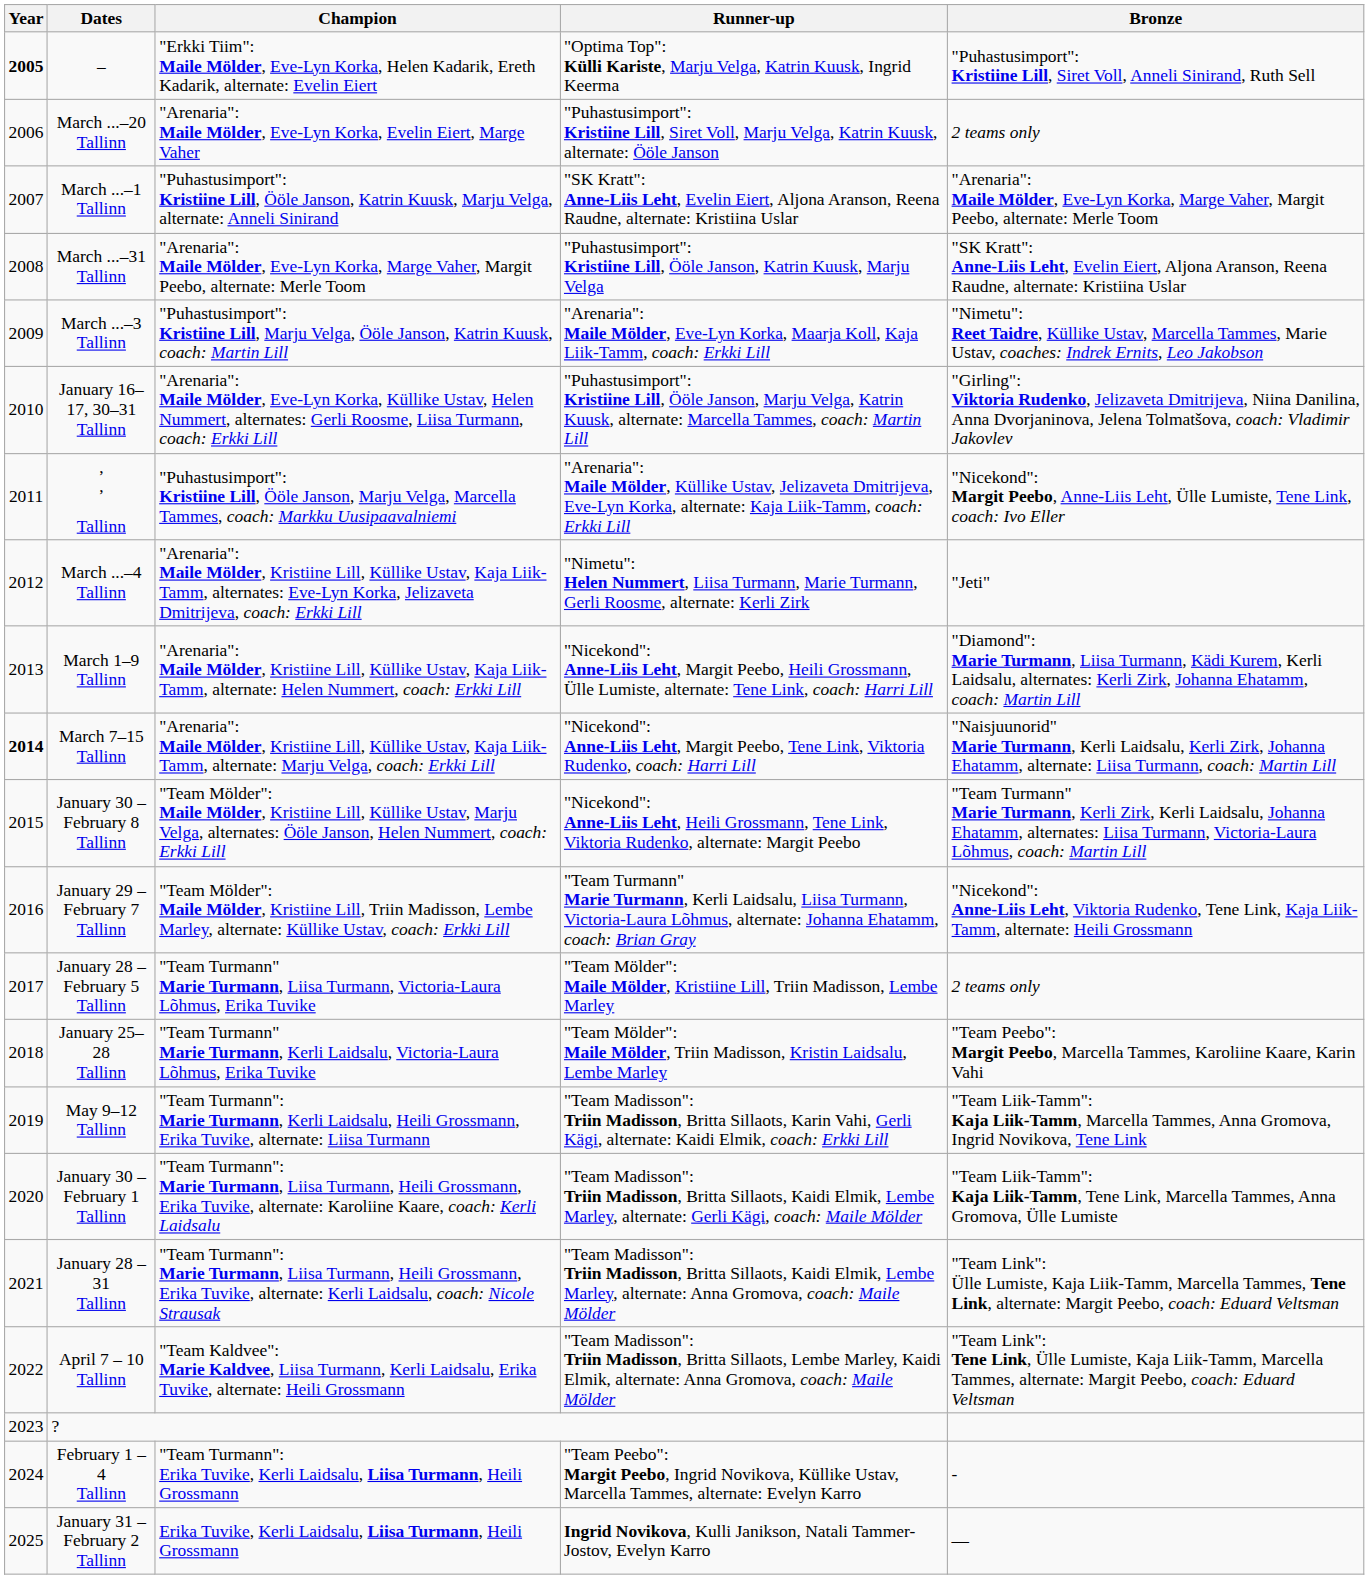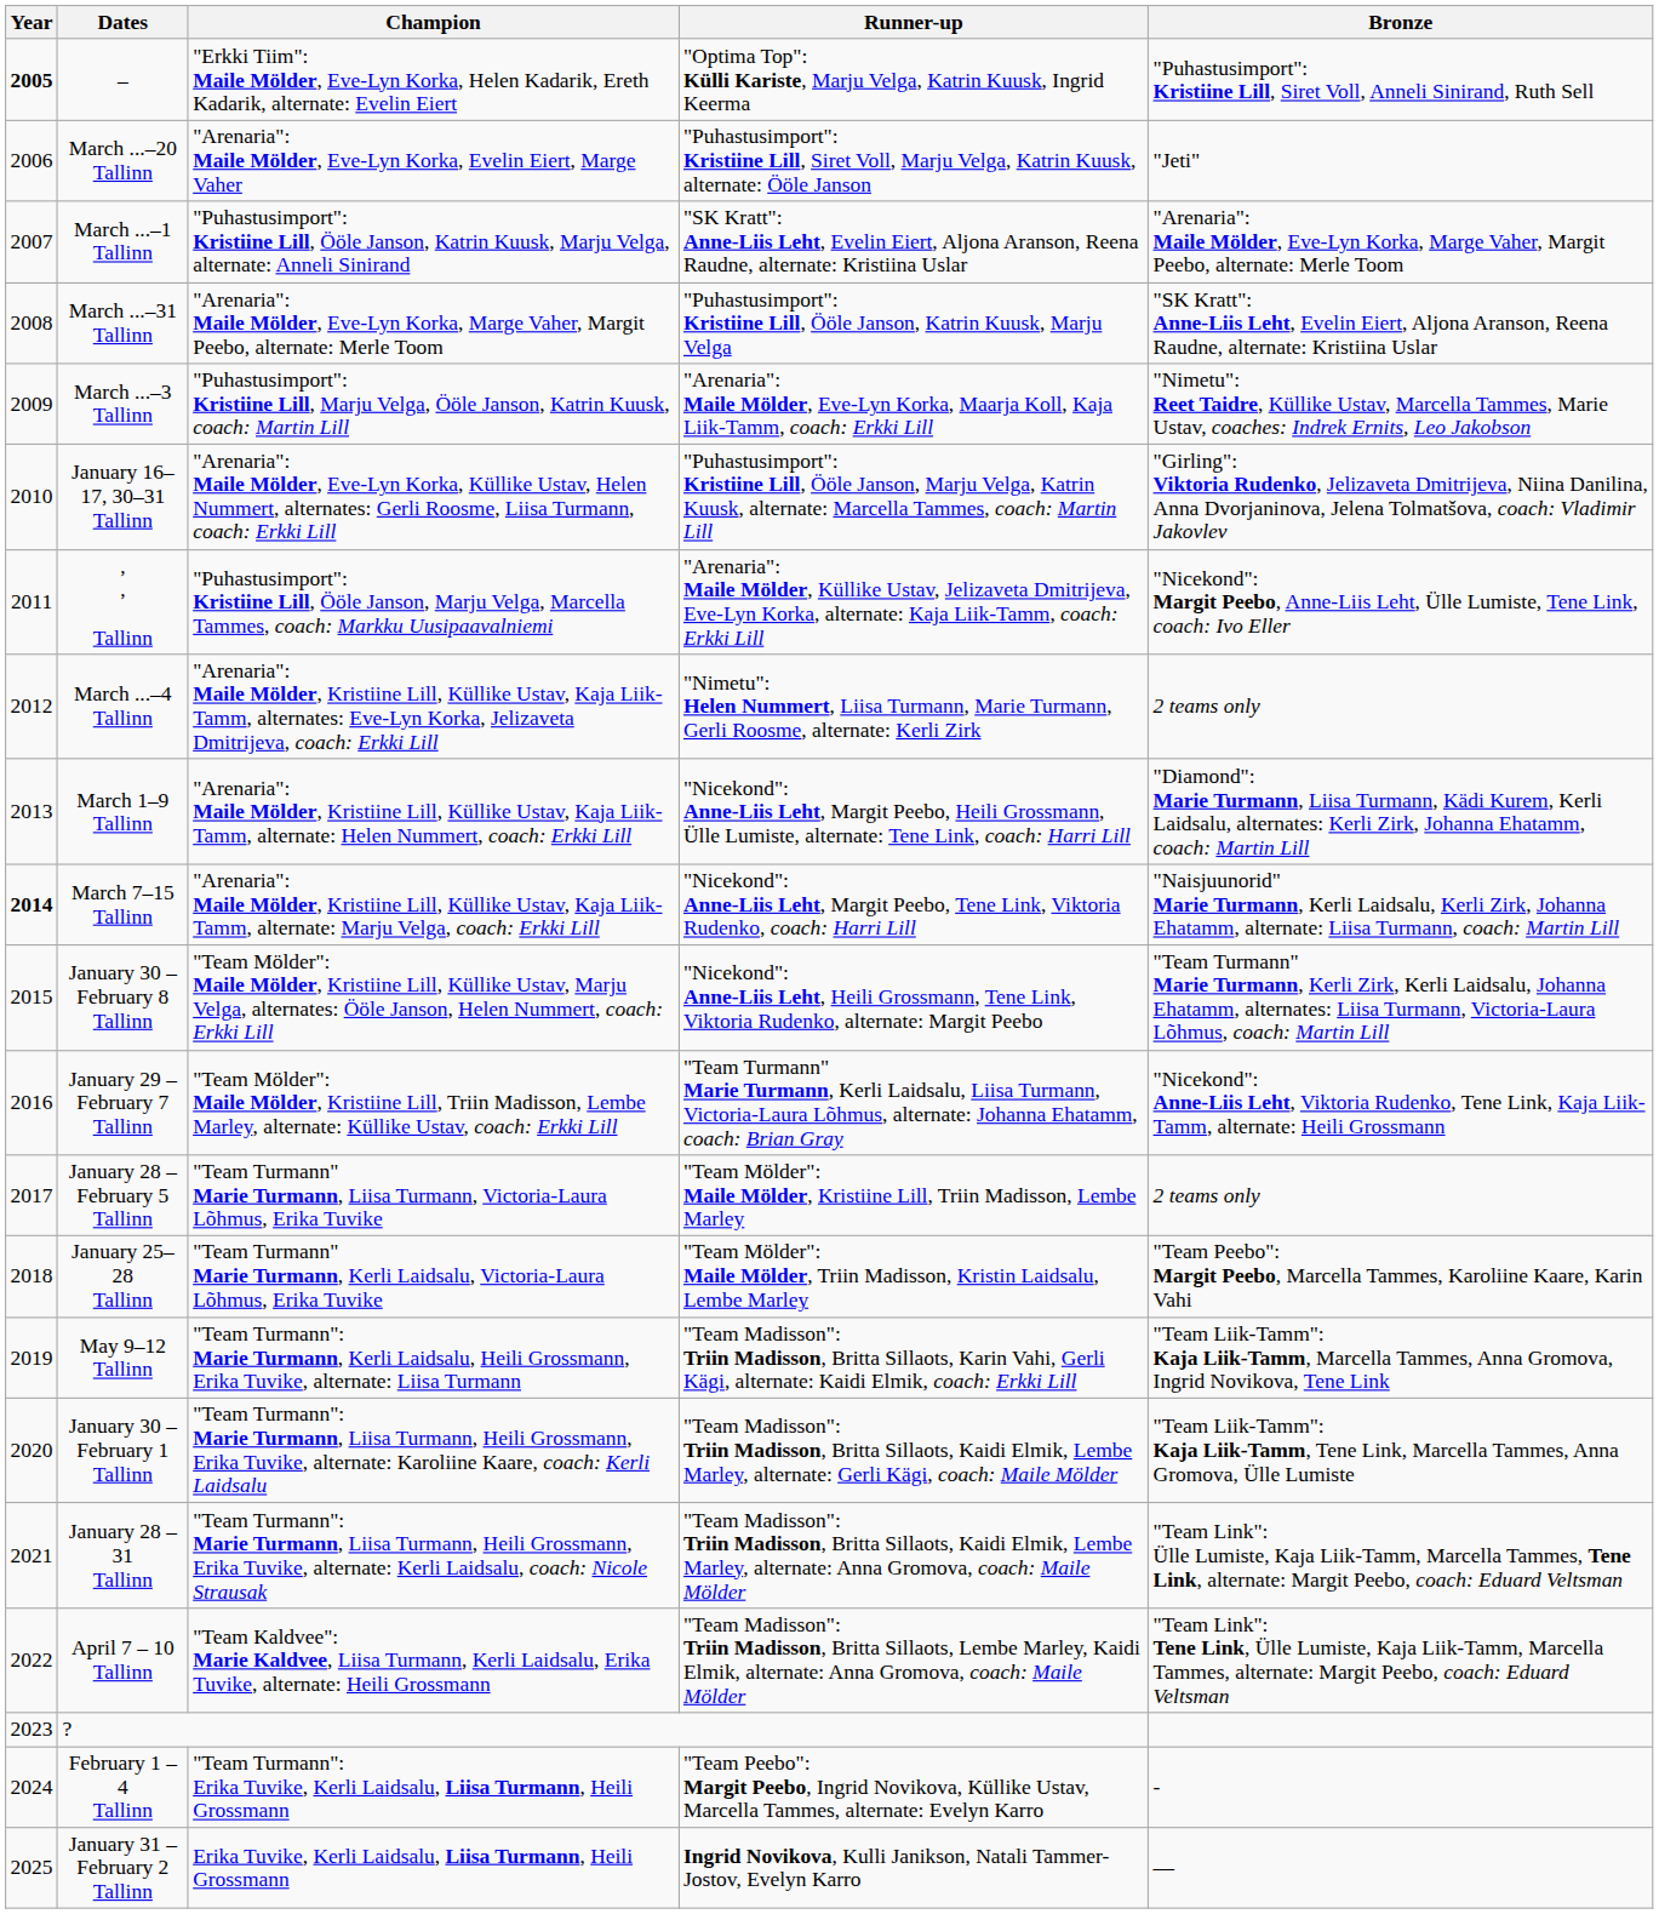 <table class="wikitable">
 <tr>
 <th>Year</th>
 <th>Dates<br></th>
 <th>Champion</th>
 <th>Runner-up</th>
 <th>Bronze</th>
 </tr>
 <tr>
 <td align=center><strong>2005</strong></td>
 <td align=center>–</td>
 <td>"Erkki Tiim":<br><strong><a href='#'>Maile Mölder</a></strong>, <a href='#'>Eve-Lyn Korka</a>, Helen Kadarik, Ereth Kadarik, alternate: <a href='#'>Evelin Eiert</a></td>
 <td>"Optima Top":<br><strong>Külli Kariste</strong>, <a href='#'>Marju Velga</a>, <a href='#'>Katrin Kuusk</a>, Ingrid Keerma</td>
 <td>"Puhastusimport":<br><strong><a href='#'>Kristiine Lill</a></strong>, <a href='#'>Siret Voll</a>, <a href='#'>Anneli Sinirand</a>, Ruth Sell</td>
 </tr>
 <tr>
 <td align=center>2006</td>
 <td align=center>March ...–20<br><a href='#'>Tallinn</a></td>
 <td>"Arenaria":<br><strong><a href='#'>Maile Mölder</a></strong>, <a href='#'>Eve-Lyn Korka</a>, <a href='#'>Evelin Eiert</a>, <a href='#'>Marge Vaher</a></td>
 <td>"Puhastusimport":<br><strong><a href='#'>Kristiine Lill</a></strong>, <a href='#'>Siret Voll</a>, <a href='#'>Marju Velga</a>, <a href='#'>Katrin Kuusk</a>, alternate: <a href='#'>Ööle Janson</a></td>
-<td><em>2 teams only</em></td>
+<td>"Jeti"</td>
 </tr>
 <tr>
 <td align=center>2007</td>
 <td align=center>March ...–1<br><a href='#'>Tallinn</a></td>
 <td>"Puhastusimport":<br><strong><a href='#'>Kristiine Lill</a></strong>, <a href='#'>Ööle Janson</a>, <a href='#'>Katrin Kuusk</a>, <a href='#'>Marju Velga</a>, alternate: <a href='#'>Anneli Sinirand</a></td>
 <td>"SK Kratt":<br><strong><a href='#'>Anne-Liis Leht</a></strong>, <a href='#'>Evelin Eiert</a>, Aljona Aranson, Reena Raudne, alternate: Kristiina Uslar</td>
 <td>"Arenaria":<br><strong><a href='#'>Maile Mölder</a></strong>, <a href='#'>Eve-Lyn Korka</a>, <a href='#'>Marge Vaher</a>, Margit Peebo, alternate: Merle Toom</td>
 </tr>
 <tr>
 <td align=center>2008</td>
 <td align=center>March ...–31<br><a href='#'>Tallinn</a></td>
 <td>"Arenaria":<br><strong><a href='#'>Maile Mölder</a></strong>, <a href='#'>Eve-Lyn Korka</a>, <a href='#'>Marge Vaher</a>, Margit Peebo, alternate: Merle Toom</td>
 <td>"Puhastusimport":<br><strong><a href='#'>Kristiine Lill</a></strong>, <a href='#'>Ööle Janson</a>, <a href='#'>Katrin Kuusk</a>, <a href='#'>Marju Velga</a></td>
 <td>"SK Kratt":<br><strong><a href='#'>Anne-Liis Leht</a></strong>, <a href='#'>Evelin Eiert</a>, Aljona Aranson, Reena Raudne, alternate: Kristiina Uslar</td>
 </tr>
 <tr>
 <td align=center>2009</td>
 <td align=center>March ...–3<br><a href='#'>Tallinn</a></td>
 <td>"Puhastusimport":<br><strong><a href='#'>Kristiine Lill</a></strong>, <a href='#'>Marju Velga</a>, <a href='#'>Ööle Janson</a>, <a href='#'>Katrin Kuusk</a>, <em>coach: <a href='#'>Martin Lill</a></em></td>
 <td>"Arenaria":<br><strong><a href='#'>Maile Mölder</a></strong>, <a href='#'>Eve-Lyn Korka</a>, <a href='#'>Maarja Koll</a>, <a href='#'>Kaja Liik-Tamm</a>, <em>coach: <a href='#'>Erkki Lill</a></em></td>
 <td>"Nimetu":<br><strong><a href='#'>Reet Taidre</a></strong>, <a href='#'>Küllike Ustav</a>, <a href='#'>Marcella Tammes</a>, Marie Ustav, <em>coaches: <a href='#'>Indrek Ernits</a>, <a href='#'>Leo Jakobson</a></em></td>
 </tr>
 <tr>
 <td align=center>2010</td>
 <td align=center>January 16–17, 30–31<br><a href='#'>Tallinn</a></td>
 <td>"Arenaria":<br><strong><a href='#'>Maile Mölder</a></strong>, <a href='#'>Eve-Lyn Korka</a>, <a href='#'>Küllike Ustav</a>, <a href='#'>Helen Nummert</a>, alternates: <a href='#'>Gerli Roosme</a>, <a href='#'>Liisa Turmann</a>, <em>coach: <a href='#'>Erkki Lill</a></em></td>
 <td>"Puhastusimport":<br><strong><a href='#'>Kristiine Lill</a></strong>, <a href='#'>Ööle Janson</a>, <a href='#'>Marju Velga</a>, <a href='#'>Katrin Kuusk</a>, alternate: <a href='#'>Marcella Tammes</a>, <em>coach: <a href='#'>Martin Lill</a></em></td>
 <td>"Girling":<br><strong><a href='#'>Viktoria Rudenko</a></strong>, <a href='#'>Jelizaveta Dmitrijeva</a>, Niina Danilina, Anna Dvorjaninova, Jelena Tolmatšova, <em>coach: Vladimir Jakovlev</em></td>
 </tr>
 <tr>
 <td align=center>2011</td>
 <td align=center>,<br>,<br><br><a href='#'>Tallinn</a></td>
 <td>"Puhastusimport":<br><strong><a href='#'>Kristiine Lill</a></strong>, <a href='#'>Ööle Janson</a>, <a href='#'>Marju Velga</a>, <a href='#'>Marcella Tammes</a>, <em>coach: <a href='#'>Markku Uusipaavalniemi</a></em></td>
 <td>"Arenaria":<br><strong><a href='#'>Maile Mölder</a></strong>, <a href='#'>Küllike Ustav</a>, <a href='#'>Jelizaveta Dmitrijeva</a>, <a href='#'>Eve-Lyn Korka</a>, alternate: <a href='#'>Kaja Liik-Tamm</a>, <em>coach: <a href='#'>Erkki Lill</a></em></td>
 <td>"Nicekond":<br><strong>Margit Peebo</strong>, <a href='#'>Anne-Liis Leht</a>, Ülle Lumiste, <a href='#'>Tene Link</a>, <em>coach: Ivo Eller</em></td>
 </tr>
 <tr>
 <td align=center>2012</td>
 <td align=center>March ...–4<br><a href='#'>Tallinn</a></td>
 <td>"Arenaria":<br><strong><a href='#'>Maile Mölder</a></strong>, <a href='#'>Kristiine Lill</a>, <a href='#'>Küllike Ustav</a>, <a href='#'>Kaja Liik-Tamm</a>, alternates: <a href='#'>Eve-Lyn Korka</a>, <a href='#'>Jelizaveta Dmitrijeva</a>, <em>coach: <a href='#'>Erkki Lill</a></em></td>
 <td>"Nimetu":<br><strong><a href='#'>Helen Nummert</a></strong>, <a href='#'>Liisa Turmann</a>, <a href='#'>Marie Turmann</a>, <a href='#'>Gerli Roosme</a>, alternate: <a href='#'>Kerli Zirk</a></td>
-<td>"Jeti"</td>
+<td><em>2 teams only</em></td>
 </tr>
 <tr>
 <td align=center>2013</td>
 <td align=center>March 1–9<br><a href='#'>Tallinn</a></td>
 <td>"Arenaria":<br><strong><a href='#'>Maile Mölder</a></strong>, <a href='#'>Kristiine Lill</a>, <a href='#'>Küllike Ustav</a>, <a href='#'>Kaja Liik-Tamm</a>, alternate: <a href='#'>Helen Nummert</a>, <em>coach: <a href='#'>Erkki Lill</a></em></td>
 <td>"Nicekond":<br><strong><a href='#'>Anne-Liis Leht</a></strong>, Margit Peebo, <a href='#'>Heili Grossmann</a>, Ülle Lumiste, alternate: <a href='#'>Tene Link</a>, <em>coach: <a href='#'>Harri Lill</a></em></td>
 <td>"Diamond":<br><strong><a href='#'>Marie Turmann</a></strong>, <a href='#'>Liisa Turmann</a>, <a href='#'>Kädi Kurem</a>, Kerli Laidsalu, alternates: <a href='#'>Kerli Zirk</a>, <a href='#'>Johanna Ehatamm</a>, <em>coach: <a href='#'>Martin Lill</a></em></td>
 </tr>
 <tr>
 <td align=center><strong>2014</strong></td>
 <td align=center>March 7–15<br><a href='#'>Tallinn</a></td>
 <td>"Arenaria":<br><strong><a href='#'>Maile Mölder</a></strong>, <a href='#'>Kristiine Lill</a>, <a href='#'>Küllike Ustav</a>, <a href='#'>Kaja Liik-Tamm</a>, alternate: <a href='#'>Marju Velga</a>, <em>coach: <a href='#'>Erkki Lill</a></em></td>
 <td>"Nicekond":<br><strong><a href='#'>Anne-Liis Leht</a></strong>, Margit Peebo, <a href='#'>Tene Link</a>, <a href='#'>Viktoria Rudenko</a>, <em>coach: <a href='#'>Harri Lill</a></em></td>
 <td>"Naisjuunorid"<br><strong><a href='#'>Marie Turmann</a></strong>, Kerli Laidsalu, <a href='#'>Kerli Zirk</a>, <a href='#'>Johanna Ehatamm</a>, alternate: <a href='#'>Liisa Turmann</a>, <em>coach: <a href='#'>Martin Lill</a></em></td>
 </tr>
 <tr>
 <td align=center>2015</td>
 <td align=center>January 30 –<br>February 8<br><a href='#'>Tallinn</a></td>
 <td>"Team Mölder":<br><strong><a href='#'>Maile Mölder</a></strong>, <a href='#'>Kristiine Lill</a>, <a href='#'>Küllike Ustav</a>, <a href='#'>Marju Velga</a>, alternates: <a href='#'>Ööle Janson</a>, <a href='#'>Helen Nummert</a>, <em>coach: <a href='#'>Erkki Lill</a></em></td>
 <td>"Nicekond":<br><strong><a href='#'>Anne-Liis Leht</a></strong>, <a href='#'>Heili Grossmann</a>, <a href='#'>Tene Link</a>, <a href='#'>Viktoria Rudenko</a>, alternate: Margit Peebo</td>
 <td>"Team Turmann"<br><strong><a href='#'>Marie Turmann</a></strong>, <a href='#'>Kerli Zirk</a>, Kerli Laidsalu, <a href='#'>Johanna Ehatamm</a>, alternates: <a href='#'>Liisa Turmann</a>, <a href='#'>Victoria-Laura Lõhmus</a>, <em>coach: <a href='#'>Martin Lill</a></em></td>
 </tr>
 <tr>
 <td align=center>2016</td>
 <td align=center>January 29 –<br>February 7<br><a href='#'>Tallinn</a></td>
 <td>"Team Mölder":<br><strong><a href='#'>Maile Mölder</a></strong>, <a href='#'>Kristiine Lill</a>, Triin Madisson, <a href='#'>Lembe Marley</a>, alternate: <a href='#'>Küllike Ustav</a>, <em>coach: <a href='#'>Erkki Lill</a></em></td>
 <td>"Team Turmann"<br><strong><a href='#'>Marie Turmann</a></strong>, Kerli Laidsalu, <a href='#'>Liisa Turmann</a>, <a href='#'>Victoria-Laura Lõhmus</a>, alternate: <a href='#'>Johanna Ehatamm</a>, <em>coach: <a href='#'>Brian Gray</a></em></td>
 <td>"Nicekond":<br><strong><a href='#'>Anne-Liis Leht</a></strong>, <a href='#'>Viktoria Rudenko</a>, Tene Link, <a href='#'>Kaja Liik-Tamm</a>, alternate: <a href='#'>Heili Grossmann</a></td>
 </tr>
 <tr>
 <td align=center>2017</td>
 <td align=center>January 28 –<br>February 5<br><a href='#'>Tallinn</a></td>
 <td>"Team Turmann"<br><strong><a href='#'>Marie Turmann</a></strong>, <a href='#'>Liisa Turmann</a>, <a href='#'>Victoria-Laura Lõhmus</a>, <a href='#'>Erika Tuvike</a></td>
 <td>"Team Mölder":<br><strong><a href='#'>Maile Mölder</a></strong>, <a href='#'>Kristiine Lill</a>, Triin Madisson, <a href='#'>Lembe Marley</a></td>
 <td><em>2 teams only</em></td>
 </tr>
 <tr>
 <td align=center>2018</td>
 <td align=center>January 25–28<br><a href='#'>Tallinn</a></td>
 <td>"Team Turmann"<br><strong><a href='#'>Marie Turmann</a></strong>, <a href='#'>Kerli Laidsalu</a>, <a href='#'>Victoria-Laura Lõhmus</a>, <a href='#'>Erika Tuvike</a></td>
 <td>"Team Mölder":<br><strong><a href='#'>Maile Mölder</a></strong>, Triin Madisson, <a href='#'>Kristin Laidsalu</a>, <a href='#'>Lembe Marley</a></td>
 <td>"Team Peebo":<br><strong>Margit Peebo</strong>, Marcella Tammes, Karoliine Kaare, Karin Vahi</td>
 </tr>
 <tr>
 <td align=center>2019</td>
 <td align=center>May 9–12<br><a href='#'>Tallinn</a></td>
 <td>"Team Turmann":<br><strong><a href='#'>Marie Turmann</a></strong>, <a href='#'>Kerli Laidsalu</a>, <a href='#'>Heili Grossmann</a>, <a href='#'>Erika Tuvike</a>, alternate: <a href='#'>Liisa Turmann</a></td>
 <td>"Team Madisson":<br><strong>Triin Madisson</strong>, Britta Sillaots, Karin Vahi, <a href='#'>Gerli Kägi</a>, alternate: Kaidi Elmik, <em>coach: <a href='#'>Erkki Lill</a></em></td>
 <td>"Team Liik-Tamm":<br><strong>Kaja Liik-Tamm</strong>, Marcella Tammes, Anna Gromova, Ingrid Novikova, <a href='#'>Tene Link</a></td>
 </tr>
 <tr>
 <td align=center>2020</td>
 <td align=center>January 30 – February 1<br><a href='#'>Tallinn</a></td>
 <td>"Team Turmann":<br><strong><a href='#'>Marie Turmann</a></strong>, <a href='#'>Liisa Turmann</a>, <a href='#'>Heili Grossmann</a>, <a href='#'>Erika Tuvike</a>, alternate: Karoliine Kaare, <em>coach: <a href='#'>Kerli Laidsalu</a></em></td>
 <td>"Team Madisson":<br><strong>Triin Madisson</strong>, Britta Sillaots, Kaidi Elmik, <a href='#'>Lembe Marley</a>, alternate: <a href='#'>Gerli Kägi</a>, <em>coach: <a href='#'>Maile Mölder</a></em></td>
 <td>"Team Liik-Tamm":<br><strong>Kaja Liik-Tamm</strong>, Tene Link, Marcella Tammes, Anna Gromova, Ülle Lumiste</td>
 </tr>
 <tr>
 <td align=center>2021</td>
 <td align=center>January 28 – 31<br><a href='#'>Tallinn</a></td>
 <td>"Team Turmann":<br><strong><a href='#'>Marie Turmann</a></strong>, <a href='#'>Liisa Turmann</a>, <a href='#'>Heili Grossmann</a>, <a href='#'>Erika Tuvike</a>, alternate: <a href='#'>Kerli Laidsalu</a>, <em>coach: <a href='#'>Nicole Strausak</a></em></td>
 <td>"Team Madisson":<br><strong>Triin Madisson</strong>, Britta Sillaots, Kaidi Elmik, <a href='#'>Lembe Marley</a>, alternate: Anna Gromova, <em>coach: <a href='#'>Maile Mölder</a></em></td>
 <td>"Team Link":<br>Ülle Lumiste, Kaja Liik-Tamm, Marcella Tammes, <strong>Tene Link</strong>, alternate: Margit Peebo, <em>coach: Eduard Veltsman</em></td>
 </tr>
 <tr>
 <td align=center>2022</td>
 <td align=center>April 7 – 10<br><a href='#'>Tallinn</a></td>
 <td>"Team Kaldvee":<br><strong><a href='#'>Marie Kaldvee</a></strong>, <a href='#'>Liisa Turmann</a>, <a href='#'>Kerli Laidsalu</a>, <a href='#'>Erika Tuvike</a>, alternate: <a href='#'>Heili Grossmann</a></td>
 <td>"Team Madisson":<br><strong>Triin Madisson</strong>, Britta Sillaots, Lembe Marley, Kaidi Elmik, alternate: Anna Gromova, <em>coach: <a href='#'>Maile Mölder</a></em></td>
 <td>"Team Link":<br><strong>Tene Link</strong>, Ülle Lumiste, Kaja Liik-Tamm, Marcella Tammes, alternate: Margit Peebo, <em>coach: Eduard Veltsman</em></td>
 </tr>
 <tr>
 <td align=center>2023</td>
 <td colspan=3>?</td>
 </tr>
 <tr>
 <td align=center>2024</td>
 <td align=center>February 1 – 4<br><a href='#'>Tallinn</a></td>
 <td>"Team Turmann":<br><a href='#'>Erika Tuvike</a>, <a href='#'>Kerli Laidsalu</a>, <strong><a href='#'>Liisa Turmann</a></strong>, <a href='#'>Heili Grossmann</a></td>
 <td>"Team Peebo":<br><strong>Margit Peebo</strong>, Ingrid Novikova, Küllike Ustav, Marcella Tammes, alternate: Evelyn Karro</td>
 <td>-</td>
 </tr>
 <tr>
 <td align=center>2025</td>
 <td align=center>January 31 – February 2<br><a href='#'>Tallinn</a></td>
 <td><a href='#'>Erika Tuvike</a>, <a href='#'>Kerli Laidsalu</a>, <strong><a href='#'>Liisa Turmann</a></strong>, <a href='#'>Heili Grossmann</a></td>
 <td><strong>Ingrid Novikova</strong>, Kulli Janikson, Natali Tammer-Jostov, Evelyn Karro</td>
 <td>—<br></td>
 </tr>
 </table>
